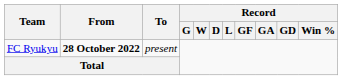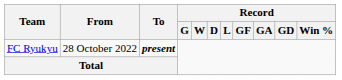 <table class="wikitable" style="text-align: left">
 <tr>
 <th rowspan="2">Team</th>
 <th rowspan="2">From</th>
 <th rowspan="2">To</th>
 <th colspan="8">Record</th>
 </tr>
 <tr>
 <th>G</th>
 <th>W</th>
 <th>D</th>
 <th>L</th>
 <th>GF</th>
 <th>GA</th>
 <th>GD</th>
 <th>Win %</th>
 </tr>
 <tr>
 <td><a href='#'>FC Ryukyu</a></td>
-<td><strong>28 October 2022</strong></td>
-<td><em>present</em><br></td>
+<td>28 October 2022</td>
+<td><strong><em>present</em><br></strong></td>
 </tr>
 <tr>
 <th colspan="3">Total<br></th>
 </tr>
 </table>
